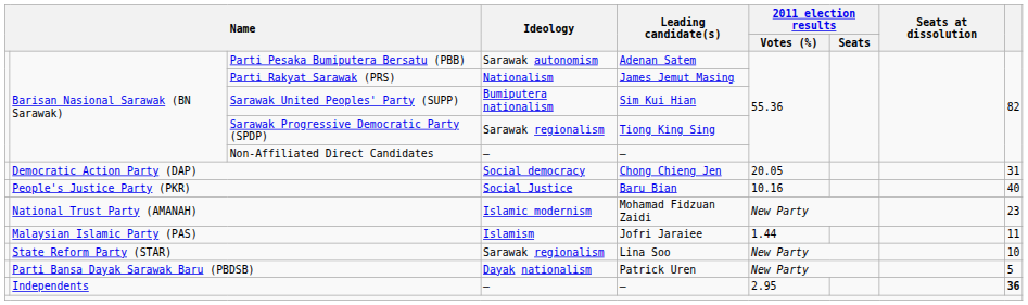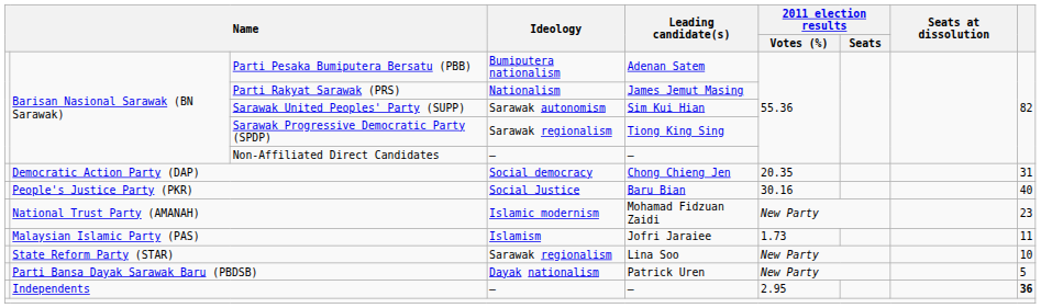 <table class="wikitable">
 <tr>
 <th colspan="3" rowspan="2">Name</th>
 <th rowspan="2">Ideology</th>
 <th rowspan="2">Leading candidate(s)</th>
 <th colspan="2"><a href='#'>2011 election results</a></th>
 <th rowspan="2">Seats at dissolution</th>
 <th rowspan="2"></th>
 </tr>
 <tr>
 <th>Votes (%)</th>
 <th>Seats</th>
 </tr>
 <tr>
 <td rowspan="5" style="background-color:"></td>
 <td rowspan="5"><a href='#'>Barisan Nasional Sarawak</a> (BN Sarawak)</td>
 <td><a href='#'>Parti Pesaka Bumiputera Bersatu</a> (PBB)</td>
-<td>Sarawak <a href='#'>autonomism</a></td>
+<td><a href='#'>Bumiputera</a> <a href='#'>nationalism</a></td>
 <td><a href='#'>Adenan Satem</a></td>
 <td rowspan="5">55.36</td>
 <td rowspan="5"></td>
 <td rowspan="5"></td>
 <td rowspan="5">82</td>
 </tr>
 <tr>
 <td><a href='#'>Parti Rakyat Sarawak</a> (PRS)</td>
 <td><a href='#'>Nationalism</a></td>
 <td><a href='#'>James Jemut Masing</a></td>
 </tr>
 <tr>
 <td><a href='#'>Sarawak United Peoples' Party</a> (SUPP)</td>
-<td><a href='#'>Bumiputera</a> <a href='#'>nationalism</a></td>
+<td>Sarawak <a href='#'>autonomism</a></td>
 <td><a href='#'>Sim Kui Hian</a></td>
 </tr>
 <tr>
 <td><a href='#'>Sarawak Progressive Democratic Party</a> (SPDP)</td>
 <td>Sarawak <a href='#'>regionalism</a></td>
 <td><a href='#'>Tiong King Sing</a></td>
 </tr>
 <tr>
 <td>Non-Affiliated Direct Candidates</td>
 <td>–</td>
 <td>–</td>
 </tr>
 <tr>
 <td style="background-color:"></td>
 <td colspan=2><a href='#'>Democratic Action Party</a> (DAP)</td>
 <td><a href='#'>Social democracy</a></td>
 <td><a href='#'>Chong Chieng Jen</a></td>
-<td>20.05</td>
+<td>20.35</td>
 <td></td>
 <td></td>
 <td>31</td>
 </tr>
 <tr>
 <td style="background-color:"></td>
 <td colspan=2><a href='#'>People's Justice Party</a> (PKR)</td>
 <td><a href='#'>Social Justice</a></td>
 <td><a href='#'>Baru Bian</a></td>
-<td>10.16</td>
+<td>30.16</td>
 <td></td>
 <td></td>
 <td>40</td>
 </tr>
 <tr>
 <td style="background-color:"></td>
 <td colspan=2><a href='#'>National Trust Party</a> (AMANAH)</td>
 <td><a href='#'>Islamic modernism</a></td>
 <td>Mohamad Fidzuan Zaidi</td>
 <td colspan=2><em>New Party</em></td>
 <td></td>
 <td>23</td>
 </tr>
 <tr>
 <td style="background-color:"></td>
 <td colspan="2"><a href='#'>Malaysian Islamic Party</a> (PAS)</td>
 <td><a href='#'>Islamism</a></td>
 <td>Jofri Jaraiee</td>
-<td>1.44</td>
+<td>1.73</td>
 <td></td>
 <td></td>
 <td>11</td>
 </tr>
 <tr>
 <td style="background-color:"></td>
 <td colspan="2"><a href='#'>State Reform Party</a> (STAR)</td>
 <td>Sarawak <a href='#'>regionalism</a></td>
 <td>Lina Soo</td>
 <td colspan=2><em>New Party</em></td>
 <td></td>
 <td>10</td>
 </tr>
 <tr>
 <td style="background-color:"></td>
 <td colspan="2"><a href='#'>Parti Bansa Dayak Sarawak Baru</a> (PBDSB)</td>
 <td><a href='#'>Dayak</a> <a href='#'>nationalism</a></td>
 <td>Patrick Uren</td>
 <td colspan=2><em>New Party</em></td>
 <td></td>
 <td>5</td>
 </tr>
 <tr>
 <td style="background-color:"></td>
 <td colspan="2"><a href='#'>Independents</a></td>
 <td>–</td>
 <td>–</td>
 <td>2.95</td>
 <td></td>
 <td></td>
 <td><strong>36</strong></td>
 </tr>
 <tr>
 <td colspan="9"></td>
 </tr>
 </table>
